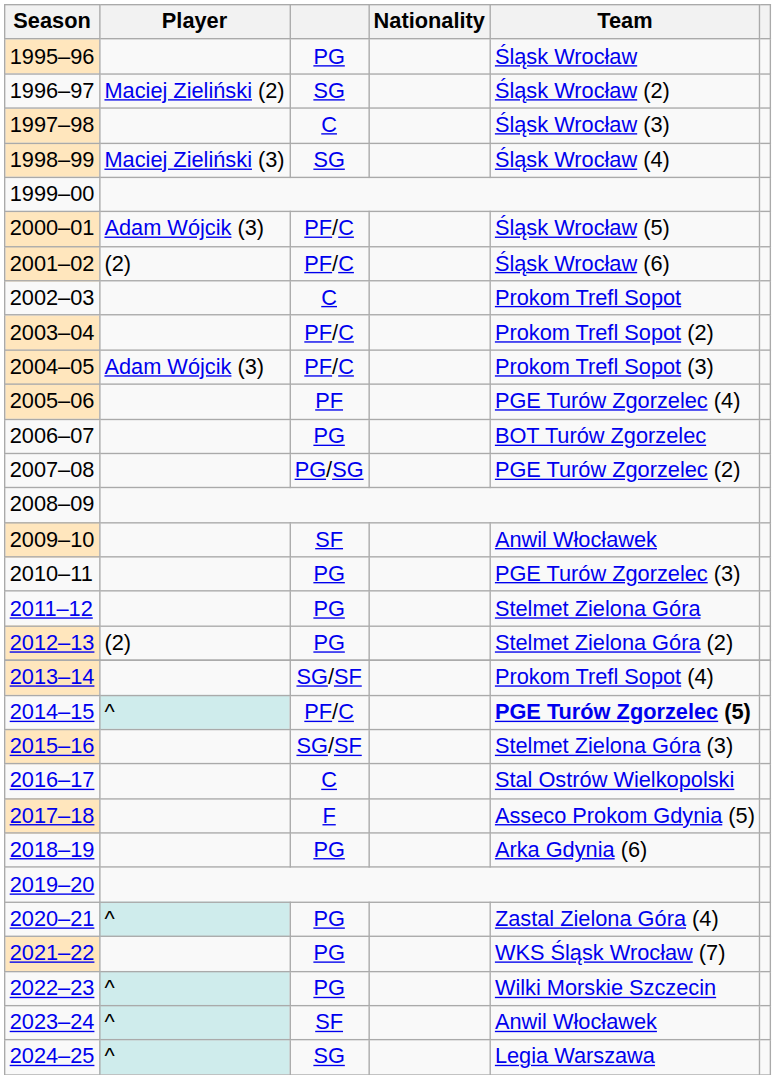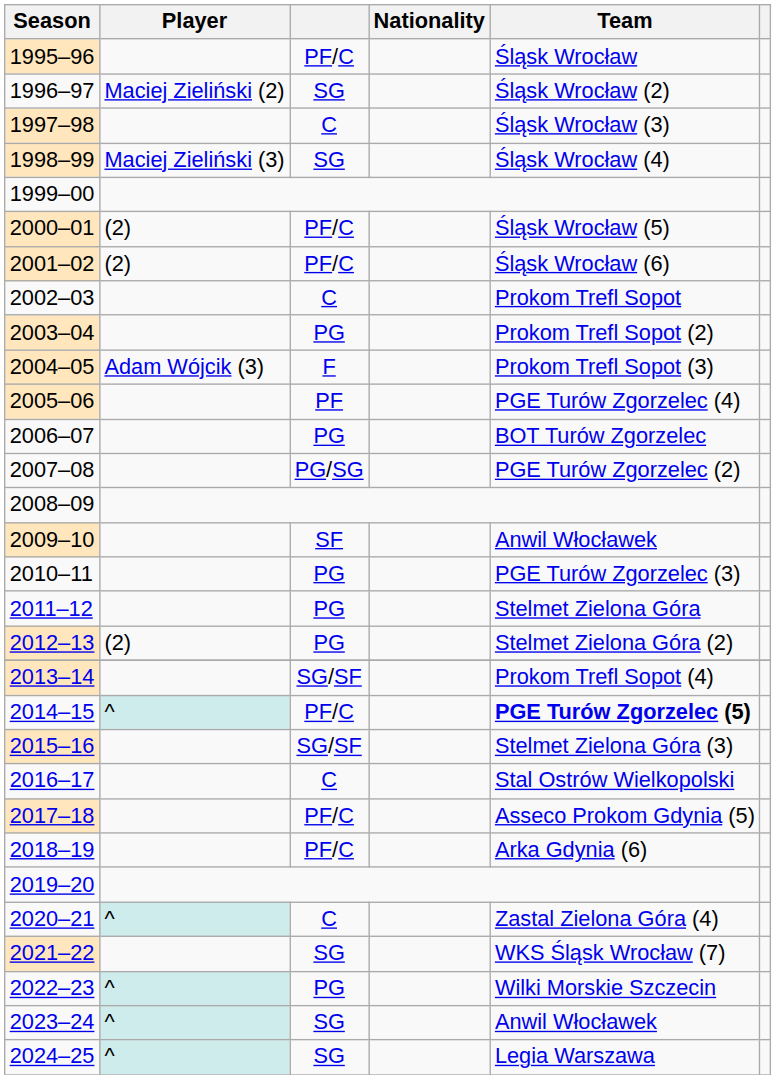 <table class="wikitable plainrowheaders sortable" summary="Year (sortable), Player (sortable), Position (sortable), Nationality (sortable) and Team (sortable)">
 <tr>
 <th scope="col">Season</th>
 <th scope="col">Player</th>
 <th scope="col"></th>
 <th scope="col">Nationality</th>
 <th scope="col">Team</th>
 <th scope="col"></th>
 </tr>
 <tr>
 <td style="background-color:#FFE6BD;">1995–96</td>
 <td></td>
-<td align=center><a href='#'>PG</a></td>
+<td align=center><a href='#'>PF</a>/<a href='#'>C</a></td>
 <td></td>
 <td><a href='#'>Śląsk Wrocław</a></td>
 <td></td>
 </tr>
 <tr>
 <td>1996–97</td>
 <td><a href='#'>Maciej Zieliński</a> (2)</td>
 <td align=center><a href='#'>SG</a></td>
 <td></td>
 <td><a href='#'>Śląsk Wrocław</a> (2)</td>
 <td></td>
 </tr>
 <tr>
 <td style="background-color:#FFE6BD;">1997–98</td>
 <td></td>
 <td align=center><a href='#'>C</a></td>
 <td></td>
 <td><a href='#'>Śląsk Wrocław</a> (3)</td>
 <td></td>
 </tr>
 <tr>
 <td style="background-color:#FFE6BD;">1998–99</td>
 <td><a href='#'>Maciej Zieliński</a> (3)</td>
 <td align=center><a href='#'>SG</a></td>
 <td></td>
 <td><a href='#'>Śląsk Wrocław</a> (4)</td>
 <td></td>
 </tr>
 <tr>
 <td>1999–00</td>
 <td !scope="row" colspan=4></td>
 <td></td>
 </tr>
 <tr>
 <td style="background-color:#FFE6BD;">2000–01</td>
-<td><a href='#'>Adam Wójcik</a> (3)</td>
+<td> (2)</td>
 <td align=center><a href='#'>PF</a>/<a href='#'>C</a></td>
 <td></td>
 <td><a href='#'>Śląsk Wrocław</a> (5)</td>
 <td></td>
 </tr>
 <tr>
 <td style="background-color:#FFE6BD;">2001–02</td>
 <td> (2)</td>
 <td align=center><a href='#'>PF</a>/<a href='#'>C</a></td>
 <td></td>
 <td><a href='#'>Śląsk Wrocław</a> (6)</td>
 <td></td>
 </tr>
 <tr>
 <td>2002–03</td>
 <td></td>
 <td align=center><a href='#'>C</a></td>
 <td><br></td>
 <td><a href='#'>Prokom Trefl Sopot</a></td>
 <td></td>
 </tr>
 <tr>
 <td style="background-color:#FFE6BD;">2003–04</td>
 <td></td>
-<td align=center><a href='#'>PF</a>/<a href='#'>C</a></td>
+<td align=center><a href='#'>PG</a></td>
 <td></td>
 <td><a href='#'>Prokom Trefl Sopot</a> (2)</td>
 <td></td>
 </tr>
 <tr>
 <td style="background-color:#FFE6BD;">2004–05</td>
 <td><a href='#'>Adam Wójcik</a> (3)</td>
-<td align=center><a href='#'>PF</a>/<a href='#'>C</a></td>
+<td align=center><a href='#'>F</a></td>
 <td></td>
 <td><a href='#'>Prokom Trefl Sopot</a> (3)</td>
 <td></td>
 </tr>
 <tr>
 <td style="background-color:#FFE6BD;">2005–06</td>
 <td></td>
 <td align=center><a href='#'>PF</a></td>
 <td></td>
 <td><a href='#'>PGE Turów Zgorzelec</a> (4)</td>
 <td></td>
 </tr>
 <tr>
 <td>2006–07</td>
 <td></td>
 <td align=center><a href='#'>PG</a></td>
 <td></td>
 <td><a href='#'>BOT Turów Zgorzelec</a></td>
 <td></td>
 </tr>
 <tr>
 <td>2007–08</td>
 <td></td>
 <td align=center><a href='#'>PG</a>/<a href='#'>SG</a></td>
 <td></td>
 <td><a href='#'>PGE Turów Zgorzelec</a> (2)</td>
 <td></td>
 </tr>
 <tr>
 <td>2008–09</td>
 <td !scope="row" colspan=4></td>
 <td align=center></td>
 </tr>
 <tr>
 <td style="background-color:#FFE6BD;">2009–10</td>
 <td></td>
 <td align=center><a href='#'>SF</a></td>
 <td></td>
 <td><a href='#'>Anwil Włocławek</a></td>
 <td align=center></td>
 </tr>
 <tr>
 <td>2010–11</td>
 <td></td>
 <td align=center><a href='#'>PG</a></td>
 <td></td>
 <td><a href='#'>PGE Turów Zgorzelec</a> (3)</td>
 <td align=center></td>
 </tr>
 <tr>
 <td><a href='#'>2011–12</a></td>
 <td></td>
 <td align=center><a href='#'>PG</a></td>
 <td></td>
 <td><a href='#'>Stelmet Zielona Góra</a></td>
 <td align=center></td>
 </tr>
 <tr>
 <td style="background-color:#FFE6BD;"><a href='#'>2012–13</a></td>
 <td> (2)</td>
 <td align=center><a href='#'>PG</a></td>
 <td></td>
 <td><a href='#'>Stelmet Zielona Góra</a> (2)</td>
 <td align=center></td>
 </tr>
 <tr>
 </tr>
 <tr>
 <td style="background-color:#FFE6BD;"><a href='#'>2013–14</a></td>
 <td></td>
 <td align=center><a href='#'>SG</a>/<a href='#'>SF</a></td>
 <td></td>
 <td><a href='#'>Prokom Trefl Sopot</a> (4)</td>
 <td align=center></td>
 </tr>
 <tr>
 <td><a href='#'>2014–15</a></td>
 <td bgcolor="#cfecec">^</td>
 <td align=center><a href='#'>PF</a>/<a href='#'>C</a></td>
 <td></td>
 <td><strong><a href='#'>PGE Turów Zgorzelec</a> (5)</strong></td>
 <td align=center></td>
 </tr>
 <tr>
 <td style="background-color:#FFE6BD;"><a href='#'>2015–16</a></td>
 <td></td>
 <td align=center><a href='#'>SG</a>/<a href='#'>SF</a></td>
 <td></td>
 <td><a href='#'>Stelmet Zielona Góra</a> (3)</td>
 <td align=center></td>
 </tr>
 <tr>
 <td><a href='#'>2016–17</a></td>
 <td></td>
 <td align=center><a href='#'>C</a></td>
 <td></td>
 <td><a href='#'>Stal Ostrów Wielkopolski</a></td>
 <td align=center></td>
 </tr>
 <tr>
 <td style="background-color:#FFE6BD;"><a href='#'>2017–18</a></td>
 <td></td>
-<td align=center><a href='#'>F</a></td>
+<td align=center><a href='#'>PF</a>/<a href='#'>C</a></td>
 <td></td>
 <td><a href='#'>Asseco Prokom Gdynia</a> (5)</td>
 <td></td>
 </tr>
 <tr>
 <td><a href='#'>2018–19</a></td>
 <td></td>
-<td align=center><a href='#'>PG</a></td>
+<td align=center><a href='#'>PF</a>/<a href='#'>C</a></td>
 <td></td>
 <td><a href='#'>Arka Gdynia</a> (6)</td>
 <td></td>
 </tr>
 <tr>
 <td><a href='#'>2019–20</a></td>
 <td !scope="row" colspan=4></td>
 <td align=center></td>
 </tr>
 <tr>
 <td><a href='#'>2020–21</a></td>
 <td bgcolor="#cfecec">^</td>
-<td align=center><a href='#'>PG</a></td>
+<td align=center><a href='#'>C</a></td>
 <td></td>
 <td><a href='#'>Zastal Zielona Góra</a> (4)</td>
 <td></td>
 </tr>
 <tr>
 <td style="background-color:#FFE6BD;"><a href='#'>2021–22</a></td>
 <td></td>
-<td align=center><a href='#'>PG</a></td>
+<td align=center><a href='#'>SG</a></td>
 <td></td>
 <td><a href='#'>WKS Śląsk Wrocław</a> (7)</td>
 <td></td>
 </tr>
 <tr>
 <td><a href='#'>2022–23</a></td>
 <td bgcolor="#cfecec">^</td>
 <td align=center><a href='#'>PG</a></td>
 <td></td>
 <td><a href='#'>Wilki Morskie Szczecin</a></td>
 <td></td>
 </tr>
 <tr>
 <td><a href='#'>2023–24</a></td>
 <td bgcolor="#cfecec">^</td>
-<td align=center><a href='#'>SF</a></td>
+<td align=center><a href='#'>SG</a></td>
 <td></td>
 <td><a href='#'>Anwil Włocławek</a></td>
 <td></td>
 </tr>
 <tr>
 <td><a href='#'>2024–25</a></td>
 <td bgcolor="#cfecec">^</td>
 <td align=center><a href='#'>SG</a></td>
 <td></td>
 <td><a href='#'>Legia Warszawa</a></td>
 <td></td>
 </tr>
 </table>
